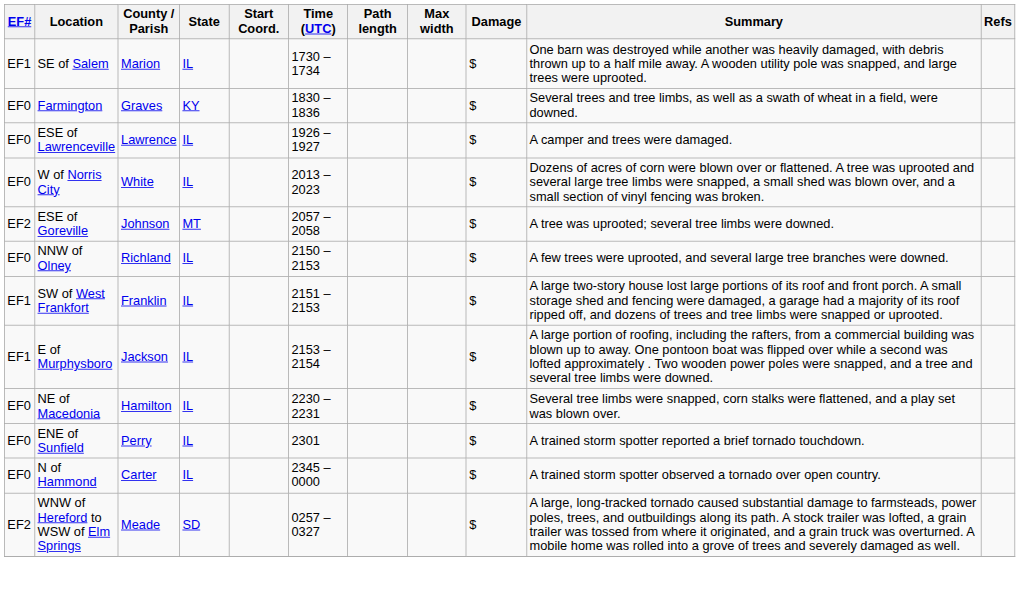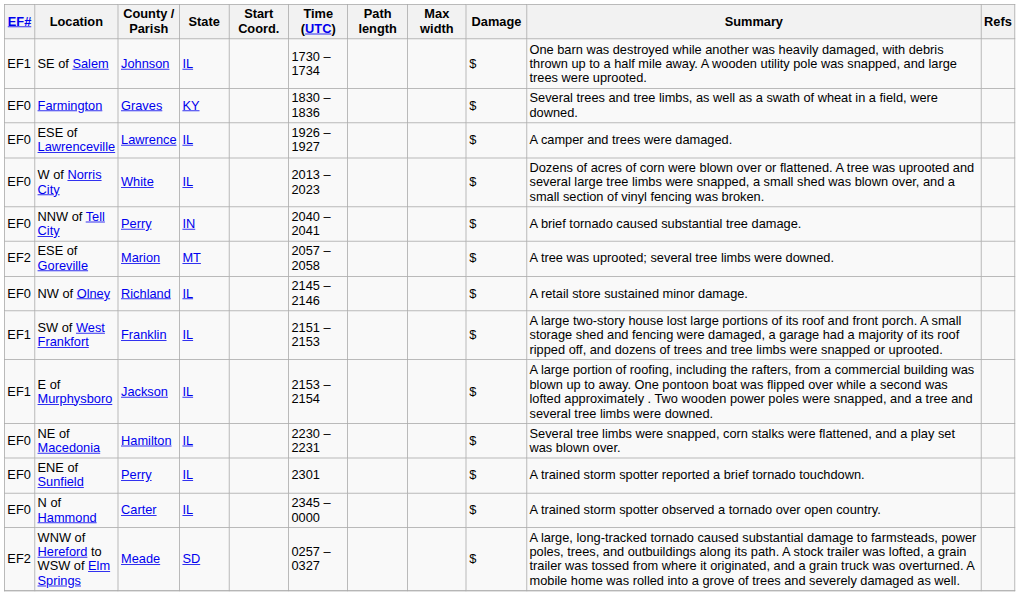 <table class="wikitable sortable" style="width:100%;">
 <tr>
 <th scope="col" width="3%" align="center"><a href='#'>EF#</a></th>
 <th scope="col" width="7%" align="center" class="unsortable">Location</th>
 <th scope="col" width="6%" align="center" class="unsortable">County / Parish</th>
 <th scope="col" width="5%" align="center">State</th>
 <th scope="col" width="6%" align="center">Start Coord.</th>
 <th scope="col" width="6%" align="center">Time (<a href='#'>UTC</a>)</th>
 <th scope="col" width="6%" align="center">Path length</th>
 <th scope="col" width="6%" align="center">Max width</th>
 <th scope="col" width="6%" align="center">Damage</th>
 <th scope="col" width="48%" class="unsortable" align="center">Summary</th>
 <th scope="col" width="48%" class="unsortable" align="center">Refs</th>
 </tr>
 <tr>
 <td>EF1</td>
 <td>SE of <a href='#'>Salem</a></td>
-<td><a href='#'>Marion</a></td>
+<td><a href='#'>Johnson</a></td>
 <td><a href='#'>IL</a></td>
 <td></td>
 <td>1730 – 1734</td>
 <td></td>
 <td></td>
 <td>$</td>
 <td>One barn was destroyed while another was heavily damaged, with debris thrown up to a half mile away. A wooden utility pole was snapped, and large trees were uprooted.</td>
 <td></td>
 </tr>
 <tr>
 <td>EF0</td>
 <td><a href='#'>Farmington</a></td>
 <td><a href='#'>Graves</a></td>
 <td><a href='#'>KY</a></td>
 <td></td>
 <td>1830 – 1836</td>
 <td></td>
 <td></td>
 <td>$</td>
 <td>Several trees and tree limbs, as well as a swath of wheat in a field, were downed.</td>
 <td></td>
 </tr>
 <tr>
 <td>EF0</td>
 <td>ESE of <a href='#'>Lawrenceville</a></td>
 <td><a href='#'>Lawrence</a></td>
 <td><a href='#'>IL</a></td>
 <td></td>
 <td>1926 – 1927</td>
 <td></td>
 <td></td>
 <td>$</td>
 <td>A camper and trees were damaged.</td>
 <td></td>
 </tr>
 <tr>
 <td>EF0</td>
 <td>W of <a href='#'>Norris City</a></td>
 <td><a href='#'>White</a></td>
 <td><a href='#'>IL</a></td>
 <td></td>
 <td>2013 – 2023</td>
 <td></td>
 <td></td>
 <td>$</td>
 <td>Dozens of acres of corn were blown over or flattened. A tree was uprooted and several large tree limbs were snapped, a small shed was blown over, and a small section of vinyl fencing was broken.</td>
 <td></td>
 </tr>
 <tr>
+<td>EF0</td>
+<td>NNW of <a href='#'>Tell City</a></td>
+<td><a href='#'>Perry</a></td>
+<td><a href='#'>IN</a></td>
+<td></td>
+<td>2040 – 2041</td>
+<td></td>
+<td></td>
+<td>$</td>
+<td>A brief tornado caused substantial tree damage.</td>
+<td></td>
+</tr>
+<tr>
 <td>EF2</td>
 <td>ESE of <a href='#'>Goreville</a></td>
-<td><a href='#'>Johnson</a></td>
+<td><a href='#'>Marion</a></td>
 <td><a href='#'>MT</a></td>
 <td></td>
 <td>2057 – 2058</td>
 <td></td>
 <td></td>
 <td>$</td>
 <td>A tree was uprooted; several tree limbs were downed.</td>
 <td></td>
 </tr>
 <tr>
 <td>EF0</td>
-<td>NNW of <a href='#'>Olney</a></td>
+<td>NW of <a href='#'>Olney</a></td>
 <td><a href='#'>Richland</a></td>
 <td><a href='#'>IL</a></td>
 <td></td>
-<td>2150 – 2153</td>
+<td>2145 – 2146</td>
 <td></td>
 <td></td>
 <td>$</td>
-<td>A few trees were uprooted, and several large tree branches were downed.</td>
+<td>A retail store sustained minor damage.</td>
 <td></td>
 </tr>
 <tr>
 <td>EF1</td>
 <td>SW of <a href='#'>West Frankfort</a></td>
 <td><a href='#'>Franklin</a></td>
 <td><a href='#'>IL</a></td>
 <td></td>
 <td>2151 – 2153</td>
 <td></td>
 <td></td>
 <td>$</td>
 <td>A large two-story house lost large portions of its roof and front porch. A small storage shed and fencing were damaged, a garage had a majority of its roof ripped off, and dozens of trees and tree limbs were snapped or uprooted.</td>
 <td></td>
 </tr>
 <tr>
 <td>EF1</td>
 <td>E of <a href='#'>Murphysboro</a></td>
 <td><a href='#'>Jackson</a></td>
 <td><a href='#'>IL</a></td>
 <td></td>
 <td>2153 – 2154</td>
 <td></td>
 <td></td>
 <td>$</td>
 <td>A large portion of roofing, including the rafters, from a commercial building was blown up to  away. One pontoon boat was flipped over while a second was lofted approximately . Two wooden power poles were snapped, and a tree and several tree limbs were downed.</td>
 <td></td>
 </tr>
 <tr>
 <td>EF0</td>
 <td>NE of <a href='#'>Macedonia</a></td>
 <td><a href='#'>Hamilton</a></td>
 <td><a href='#'>IL</a></td>
 <td></td>
 <td>2230 – 2231</td>
 <td></td>
 <td></td>
 <td>$</td>
 <td>Several tree limbs were snapped, corn stalks were flattened, and a play set was blown over.</td>
 <td></td>
 </tr>
 <tr>
 <td>EF0</td>
 <td>ENE of <a href='#'>Sunfield</a></td>
 <td><a href='#'>Perry</a></td>
 <td><a href='#'>IL</a></td>
 <td></td>
 <td>2301</td>
 <td></td>
 <td></td>
 <td>$</td>
 <td>A trained storm spotter reported a brief tornado touchdown.</td>
 <td></td>
 </tr>
 <tr>
 <td>EF0</td>
 <td>N of <a href='#'>Hammond</a></td>
 <td><a href='#'>Carter</a></td>
 <td><a href='#'>IL</a></td>
 <td></td>
 <td>2345 – 0000</td>
 <td></td>
 <td></td>
 <td>$</td>
 <td>A trained storm spotter observed a tornado over open country.</td>
 <td></td>
 </tr>
 <tr>
 <td>EF2</td>
 <td>WNW of <a href='#'>Hereford</a> to WSW of <a href='#'>Elm Springs</a></td>
 <td><a href='#'>Meade</a></td>
 <td><a href='#'>SD</a></td>
 <td></td>
 <td>0257 – 0327</td>
 <td></td>
 <td></td>
 <td>$</td>
 <td>A large, long-tracked tornado caused substantial damage to farmsteads, power poles, trees, and outbuildings along its path. A stock trailer was lofted, a grain trailer was tossed  from where it originated, and a grain truck was overturned. A mobile home was rolled into a grove of trees and severely damaged as well.</td>
 <td></td>
 </tr>
 <tr>
 </tr>
 </table>
